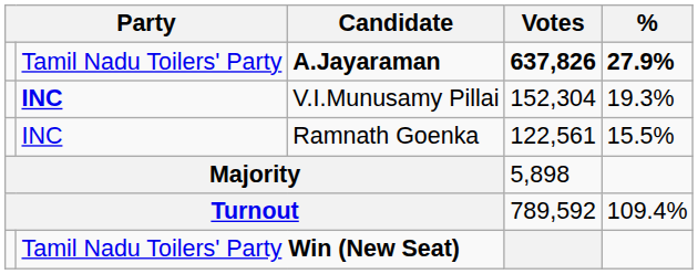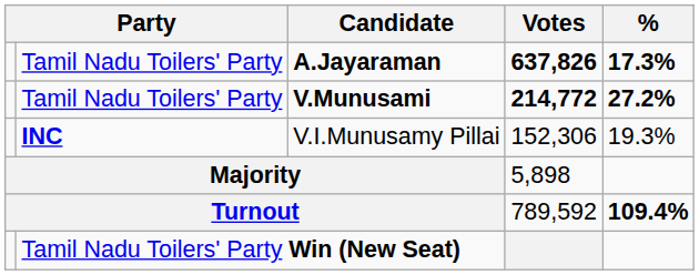 <table class="wikitable">
 <tr>
 <th colspan="2">Party</th>
 <th>Candidate</th>
 <th>Votes</th>
 <th>%</th>
 </tr>
 <tr>
 <td></td>
 <td><a href='#'>Tamil Nadu Toilers' Party</a></td>
 <td><strong>A.Jayaraman</strong></td>
 <td><strong>637,826</strong></td>
-<td><strong>27.9%</strong></td>
+<td><strong>17.3%</strong></td>
+</tr>
+<tr>
+<td></td>
+<td><a href='#'>Tamil Nadu Toilers' Party</a></td>
+<td><strong>V.Munusami</strong></td>
+<td><strong>214,772</strong></td>
+<td><strong>27.2%</strong></td>
 </tr>
 <tr>
 <td></td>
 <td><strong><a href='#'>INC</a></strong></td>
 <td>V.I.Munusamy Pillai</td>
-<td>152,304</td>
+<td>152,306</td>
 <td>19.3%</td>
-</tr>
-<tr>
-<td></td>
-<td><a href='#'>INC</a></td>
-<td>Ramnath Goenka</td>
-<td>122,561</td>
-<td>15.5%</td>
 </tr>
 <tr>
 <th colspan="3">Majority</th>
 <td>5,898</td>
 </tr>
 <tr>
 <th colspan="3"><a href='#'>Turnout</a></th>
 <td>789,592</td>
-<td>109.4%</td>
+<td><strong>109.4%</strong></td>
 </tr>
 <tr>
 <td></td>
 <td colspan="2"><a href='#'>Tamil Nadu Toilers' Party</a>  <strong>Win (New Seat)</strong></td>
 <th></th>
 <td></td>
 </tr>
 </table>
